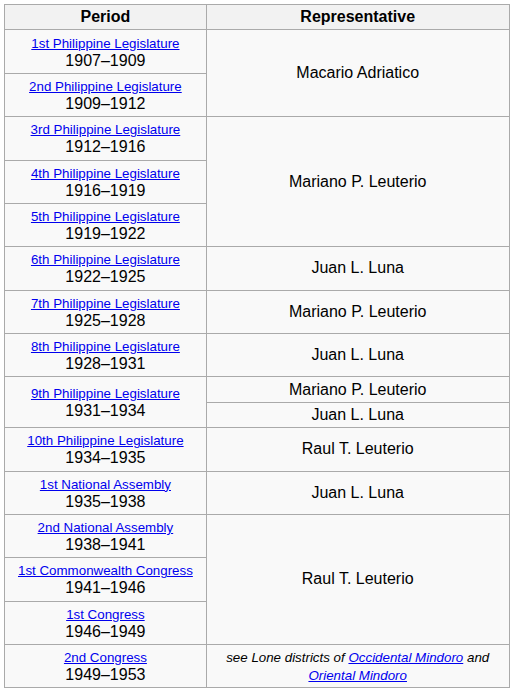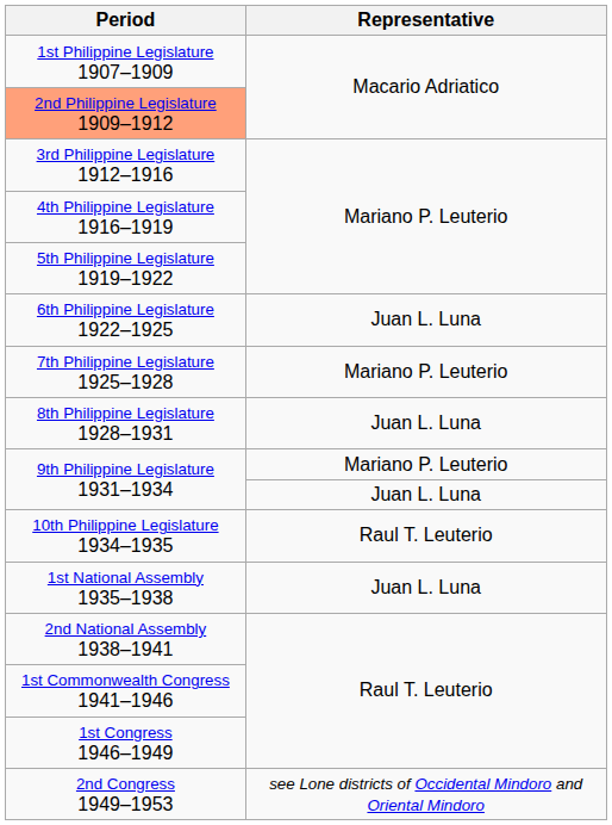 <table class="wikitable" style="text-align:center; width:40%;">
 <tr>
 <th width=40%>Period</th>
 <th>Representative</th>
 </tr>
 <tr>
 <td><small><a href='#'>1st Philippine Legislature</a></small><br>1907–1909</td>
 <td rowspan=3>Macario Adriatico</td>
 </tr>
 <tr>
-<td><small><a href='#'>2nd Philippine Legislature</a></small><br>1909–1912</td>
+<td style="background: lightsalmon;"><small><a href='#'>2nd Philippine Legislature</a></small><br>1909–1912</td>
 </tr>
 <tr>
 <td rowspan=2><small><a href='#'>3rd Philippine Legislature</a></small><br>1912–1916</td>
 </tr>
 <tr>
 <td rowspan=3>Mariano P. Leuterio</td>
 </tr>
 <tr>
 <td><small><a href='#'>4th Philippine Legislature</a></small><br>1916–1919</td>
 </tr>
 <tr>
 <td><small><a href='#'>5th Philippine Legislature</a></small><br>1919–1922</td>
 </tr>
 <tr>
 <td><small><a href='#'>6th Philippine Legislature</a></small><br>1922–1925</td>
 <td>Juan L. Luna</td>
 </tr>
 <tr>
 <td><small><a href='#'>7th Philippine Legislature</a></small><br>1925–1928</td>
 <td>Mariano P. Leuterio</td>
 </tr>
 <tr>
 <td><small><a href='#'>8th Philippine Legislature</a></small><br>1928–1931</td>
 <td>Juan L. Luna</td>
 </tr>
 <tr>
 <td rowspan=2><small><a href='#'>9th Philippine Legislature</a></small><br>1931–1934</td>
 <td>Mariano P. Leuterio</td>
 </tr>
 <tr>
 <td>Juan L. Luna</td>
 </tr>
 <tr>
 <td><small><a href='#'>10th Philippine Legislature</a></small><br>1934–1935</td>
 <td>Raul T. Leuterio</td>
 </tr>
 <tr>
 <td><small><a href='#'>1st National Assembly</a></small><br>1935–1938</td>
 <td>Juan L. Luna</td>
 </tr>
 <tr>
 <td><small><a href='#'>2nd National Assembly</a></small><br>1938–1941</td>
 <td rowspan=4>Raul T. Leuterio</td>
 </tr>
 <tr>
 <td><small><a href='#'>1st Commonwealth Congress</a></small><br>1941–1946</td>
 </tr>
 <tr>
 <td><small><a href='#'>1st Congress</a></small><br>1946–1949</td>
 </tr>
 <tr>
 <td rowspan=3><small><a href='#'>2nd Congress</a></small><br>1949–1953</td>
 </tr>
 <tr>
 <td rowspan=2><small><em>see Lone districts of <a href='#'>Occidental Mindoro</a> and <a href='#'>Oriental Mindoro</a></em></small></td>
 </tr>
 </table>
